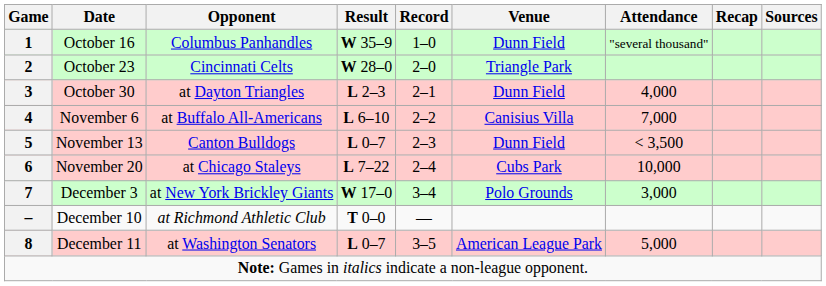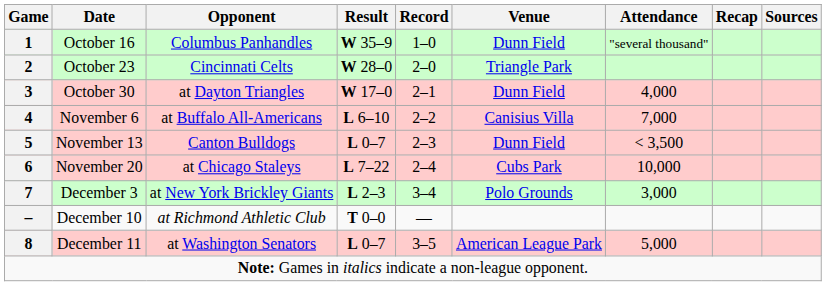 <table class="wikitable" style="text-align:center">
 <tr>
 <th>Game</th>
 <th>Date</th>
 <th>Opponent</th>
 <th>Result</th>
 <th>Record</th>
 <th>Venue</th>
 <th>Attendance</th>
 <th>Recap</th>
 <th>Sources</th>
 </tr>
 <tr style="background:#cfc">
 <th>1</th>
 <td>October 16</td>
 <td><a href='#'>Columbus Panhandles</a></td>
 <td><strong>W</strong> 35–9</td>
 <td>1–0</td>
 <td><a href='#'>Dunn Field</a></td>
 <td><small>"several thousand"</small></td>
 <td></td>
 <td></td>
 </tr>
 <tr style="background:#cfc">
 <th>2</th>
 <td>October 23</td>
 <td><a href='#'>Cincinnati Celts</a></td>
 <td><strong>W</strong> 28–0</td>
 <td>2–0</td>
 <td><a href='#'>Triangle Park</a></td>
 <td></td>
 <td></td>
 <td></td>
 </tr>
 <tr style="background:#fcc">
 <th>3</th>
 <td>October 30</td>
 <td>at <a href='#'>Dayton Triangles</a></td>
-<td><strong>L</strong> 2–3</td>
+<td><strong>W</strong> 17–0</td>
 <td>2–1</td>
 <td><a href='#'>Dunn Field</a></td>
 <td>4,000</td>
 <td></td>
 <td></td>
 </tr>
 <tr style="background:#fcc">
 <th>4</th>
 <td>November 6</td>
 <td>at <a href='#'>Buffalo All-Americans</a></td>
 <td><strong>L</strong> 6–10</td>
 <td>2–2</td>
 <td><a href='#'>Canisius Villa</a></td>
 <td>7,000</td>
 <td></td>
 <td></td>
 </tr>
 <tr style="background:#fcc">
 <th>5</th>
 <td>November 13</td>
 <td><a href='#'>Canton Bulldogs</a></td>
 <td><strong>L</strong> 0–7</td>
 <td>2–3</td>
 <td><a href='#'>Dunn Field</a></td>
 <td>< 3,500</td>
 <td></td>
 <td></td>
 </tr>
 <tr style="background:#fcc">
 <th>6</th>
 <td>November 20</td>
 <td>at <a href='#'>Chicago Staleys</a></td>
 <td><strong>L</strong> 7–22</td>
 <td>2–4</td>
 <td><a href='#'>Cubs Park</a></td>
 <td>10,000</td>
 <td></td>
 <td></td>
 </tr>
 <tr style="background:#cfc">
 <th>7</th>
 <td>December 3</td>
 <td>at <a href='#'>New York Brickley Giants</a></td>
-<td><strong>W</strong> 17–0</td>
+<td><strong>L</strong> 2–3</td>
 <td>3–4</td>
 <td><a href='#'>Polo Grounds</a></td>
 <td>3,000</td>
 <td></td>
 <td></td>
 </tr>
 <tr>
 <th>–</th>
 <td>December 10</td>
 <td><em>at Richmond Athletic Club</em></td>
 <td><strong>T</strong> 0–0</td>
 <td>—</td>
 <td></td>
 <td></td>
 <td></td>
 <td></td>
 </tr>
 <tr style="background:#fcc">
 <th>8</th>
 <td>December 11</td>
 <td>at <a href='#'>Washington Senators</a></td>
 <td><strong>L</strong> 0–7</td>
 <td>3–5</td>
 <td><a href='#'>American League Park</a></td>
 <td>5,000</td>
 <td></td>
 <td></td>
 </tr>
 <tr>
 <td colspan="10"><strong>Note:</strong> Games in <em>italics</em> indicate a non-league opponent.</td>
 </tr>
 </table>
